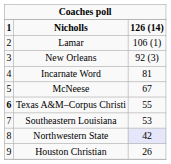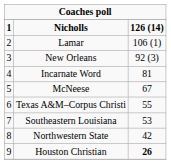 <table class="wikitable">
 <tr align="center">
 <td align="center" Colspan="3"><strong>Coaches poll</strong></td>
 </tr>
 <tr align="center"()>
 </tr>
 <tr align="center">
 <td><strong>1</strong></td>
 <td><strong>Nicholls</strong></td>
 <td><strong>126 (14)</strong></td>
 </tr>
 <tr align="center">
 <td>2</td>
 <td>Lamar</td>
 <td>106 (1)</td>
 </tr>
 <tr align="center">
 <td>3</td>
 <td>New Orleans</td>
 <td>92 (3)</td>
 </tr>
 <tr align="center">
 <td>4</td>
 <td>Incarnate Word</td>
 <td>81</td>
 </tr>
 <tr align="center">
 <td>5</td>
 <td>McNeese</td>
 <td>67</td>
 </tr>
 <tr align="center">
-<td><strong>6</strong></td>
+<td>6</td>
 <td>Texas A&M–Corpus Christi</td>
 <td>55</td>
 </tr>
 <tr align="center">
 <td>7</td>
 <td>Southeastern Louisiana</td>
 <td>53</td>
 </tr>
 <tr align="center">
 <td>8</td>
 <td>Northwestern State</td>
-<td style="background: lavender;">42</td>
+<td>42</td>
 </tr>
 <tr align="center">
 <td>9</td>
 <td>Houston Christian</td>
-<td>26</td>
+<td><strong>26</strong></td>
 </tr>
 <tr align="center">
 </tr>
 </table>
